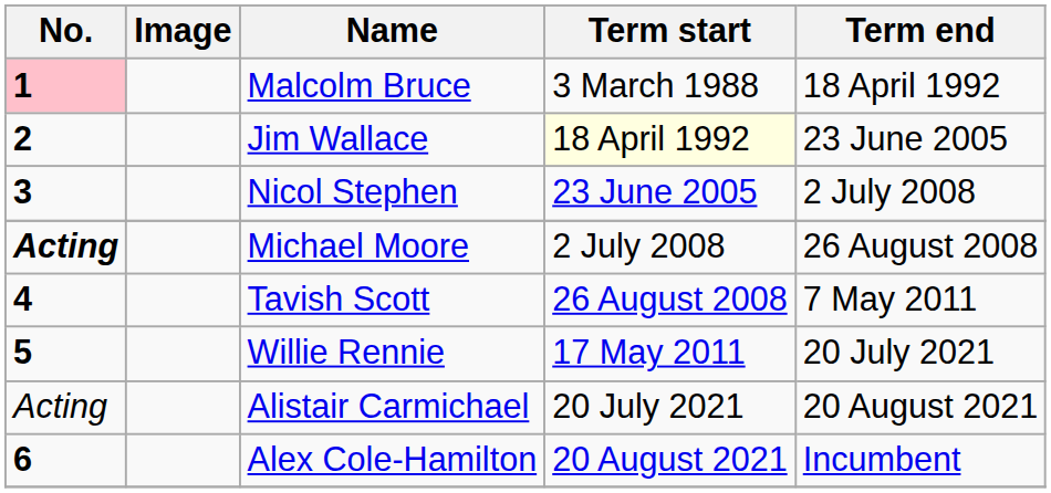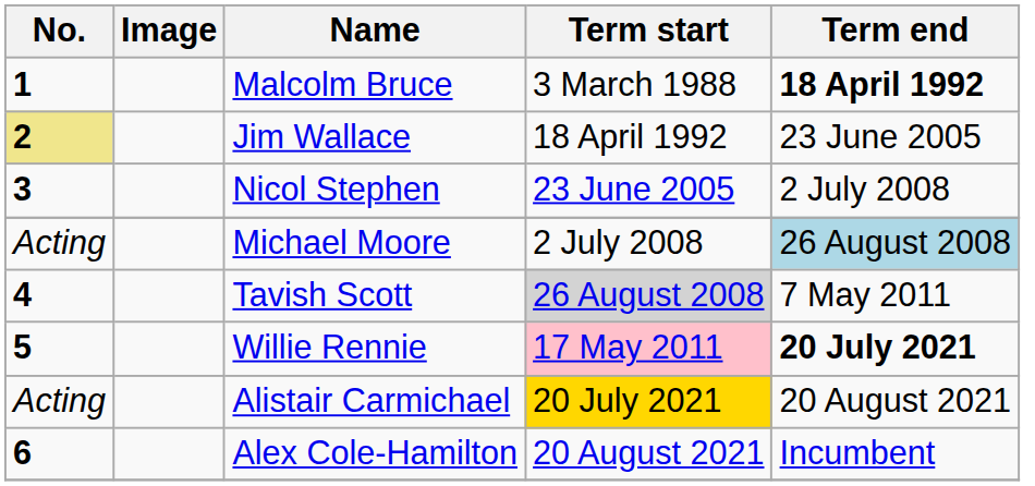 <table class="wikitable">
 <tr>
 <th>No.</th>
 <th>Image</th>
 <th>Name</th>
 <th>Term start</th>
 <th>Term end</th>
 </tr>
 <tr>
-<td style="background: pink;"><strong>1</strong></td>
+<td><strong>1</strong></td>
 <td></td>
 <td><a href='#'>Malcolm Bruce</a></td>
 <td>3 March 1988</td>
-<td>18 April 1992</td>
+<td><strong>18 April 1992</strong></td>
 </tr>
 <tr>
-<td><strong>2</strong></td>
+<td style="background: khaki;"><strong>2</strong></td>
 <td></td>
 <td><a href='#'>Jim Wallace</a></td>
-<td style="background: lightyellow;">18 April 1992</td>
+<td>18 April 1992</td>
 <td>23 June 2005</td>
 </tr>
 <tr>
 <td><strong>3</strong></td>
 <td></td>
 <td><a href='#'>Nicol Stephen</a></td>
 <td><a href='#'>23 June 2005</a></td>
 <td>2 July 2008</td>
 </tr>
 <tr>
 </tr>
 <tr>
-<td><strong><em>Acting</em></strong></td>
+<td><em>Acting</em></td>
 <td></td>
 <td><a href='#'>Michael Moore</a></td>
 <td>2 July 2008</td>
-<td>26 August 2008</td>
+<td style="background: lightblue;">26 August 2008</td>
 </tr>
 <tr>
 <td><strong>4</strong></td>
 <td></td>
 <td><a href='#'>Tavish Scott</a></td>
-<td><a href='#'>26 August 2008</a></td>
+<td style="background: lightgrey;"><a href='#'>26 August 2008</a></td>
 <td>7 May 2011</td>
 </tr>
 <tr>
 <td><strong>5</strong></td>
 <td></td>
 <td><a href='#'>Willie Rennie</a></td>
-<td><a href='#'>17 May 2011</a></td>
-<td>20 July 2021</td>
+<td style="background: pink;"><a href='#'>17 May 2011</a></td>
+<td><strong>20 July 2021</strong></td>
 </tr>
 <tr>
 <td><em>Acting</em></td>
 <td></td>
 <td><a href='#'>Alistair Carmichael</a></td>
-<td>20 July 2021</td>
+<td style="background: gold;">20 July 2021</td>
 <td>20 August 2021</td>
 </tr>
 <tr>
 <td><strong>6</strong></td>
 <td></td>
 <td><a href='#'>Alex Cole-Hamilton</a></td>
 <td><a href='#'>20 August 2021</a></td>
 <td><a href='#'>Incumbent</a></td>
 </tr>
 <tr>
 </tr>
 </table>
